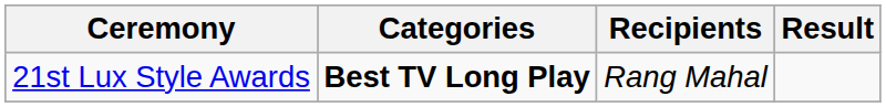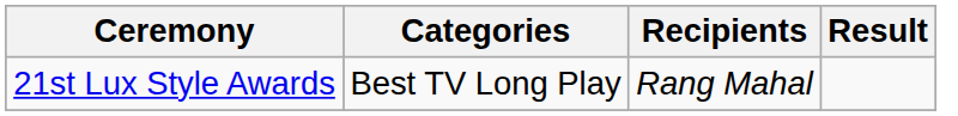 <table class="wikitable style">
 <tr>
 <th>Ceremony</th>
 <th>Categories</th>
 <th>Recipients</th>
 <th>Result</th>
 </tr>
 <tr>
 <td rowspan="5"><a href='#'>21st Lux Style Awards</a></td>
-<td><strong>Best TV Long Play</strong></td>
+<td>Best TV Long Play</td>
 <td><em>Rang Mahal</td>
 <td></td>
 </tr>
 </table>
